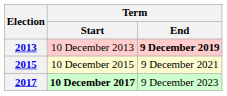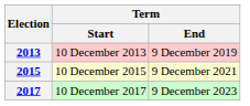 <table class="wikitable" style="text-align:center">
 <tr>
 <th rowspan=2>Election</th>
 <th colspan=2>Term</th>
 </tr>
 <tr>
 <th>Start</th>
 <th>End</th>
 </tr>
 <tr>
 <th><a href='#'>2013</a></th>
 <td bgcolor=#fcc>10 December 2013</td>
-<td bgcolor=#fcc><strong>9 December 2019</strong></td>
+<td bgcolor=#fcc>9 December 2019</td>
 </tr>
 <tr>
 <th><a href='#'>2015</a></th>
 <td bgcolor=#fcfccf>10 December 2015</td>
 <td bgcolor=#fcfccf>9 December 2021</td>
 </tr>
 <tr>
 <th><a href='#'>2017</a></th>
-<td bgcolor=#cfc><strong>10 December 2017</strong></td>
+<td bgcolor=#cfc>10 December 2017</td>
 <td bgcolor=#cfc>9 December 2023</td>
 </tr>
 </table>
